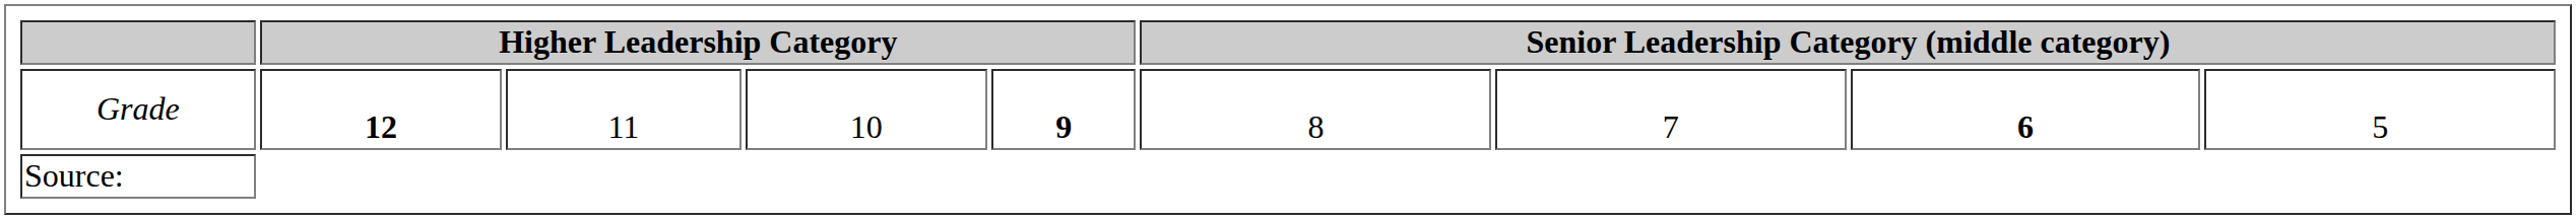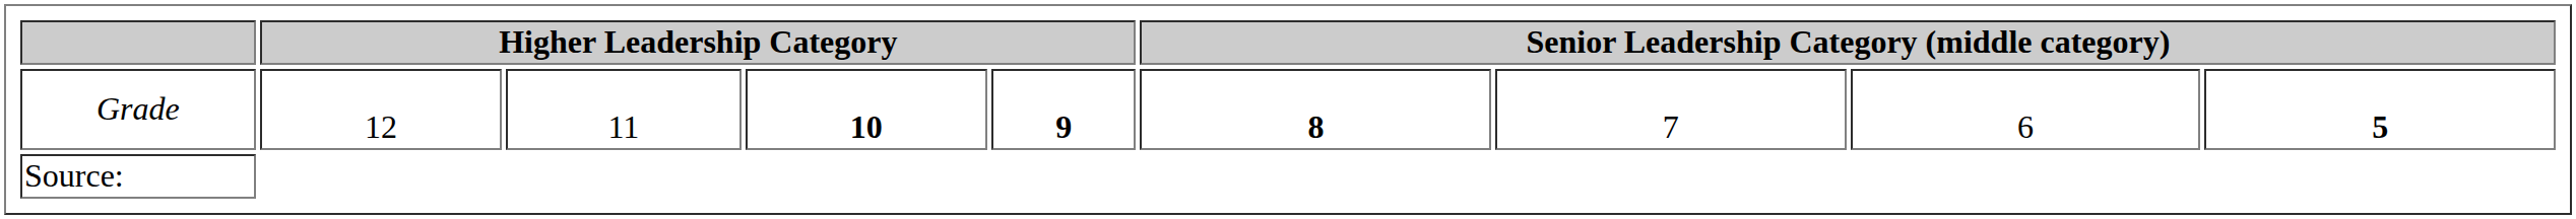 <table border="1px solid #8888aa" style="width:100%; background:#fff; padding:5px; font-size:10">
 <tr style="background:#ccc;">
 <th></th>
 <th colspan="4">Higher Leadership Category</th>
 <th colspan="4">Senior Leadership Category (middle category)</th>
 </tr>
 <tr style="text-align:center;">
 <td><em>Grade</em></td>
-<td><strong><br>12</strong></td>
+<td><br>12</td>
 <td><br>11</td>
-<td><br>10</td>
+<td><strong><br>10</strong></td>
 <td><strong><br>9</strong></td>
-<td><br>8</td>
+<td><strong><br>8</strong></td>
 <td><br>7</td>
-<td><strong><br>6</strong></td>
-<td><br>5</td>
+<td><br>6</td>
+<td><strong><br>5</strong></td>
 </tr>
 <tr>
 <td>Source:</td>
 </tr>
 </table>
